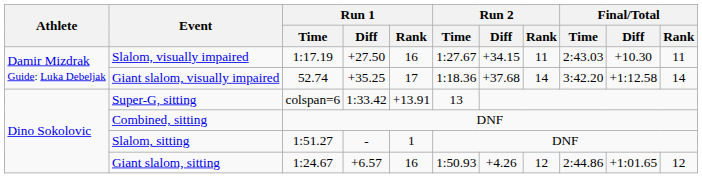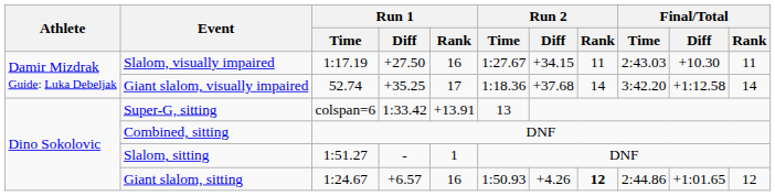 <table class="wikitable" style="font-size:100%">
 <tr>
 <th rowspan="2">Athlete</th>
 <th rowspan="2">Event</th>
 <th colspan="3">Run 1</th>
 <th colspan="3">Run 2</th>
 <th colspan="3">Final/Total</th>
 </tr>
 <tr>
 <th>Time</th>
 <th>Diff</th>
 <th>Rank</th>
 <th>Time</th>
 <th>Diff</th>
 <th>Rank</th>
 <th>Time</th>
 <th>Diff</th>
 <th>Rank</th>
 </tr>
 <tr>
 <td rowspan=2><a href='#'>Damir Mizdrak</a><br><small><a href='#'>Guide</a>: <a href='#'>Luka Debeljak</a></small></td>
 <td><a href='#'>Slalom, visually impaired</a></td>
 <td align="center">1:17.19</td>
 <td align="center">+27.50</td>
 <td align="center">16</td>
 <td align="center">1:27.67</td>
 <td align="center">+34.15</td>
 <td align="center">11</td>
 <td align="center">2:43.03</td>
 <td align="center">+10.30</td>
 <td align="center">11</td>
 </tr>
 <tr>
 <td><a href='#'>Giant slalom, visually impaired</a></td>
 <td align="center">52.74</td>
 <td align="center">+35.25</td>
 <td align="center">17</td>
 <td align="center">1:18.36</td>
 <td align="center">+37.68</td>
 <td align="center">14</td>
 <td align="center">3:42.20</td>
 <td align="center">+1:12.58</td>
 <td align="center">14</td>
 </tr>
 <tr>
 <td rowspan=4><a href='#'>Dino Sokolovic</a></td>
 <td><a href='#'>Super-G, sitting</a></td>
 <td>colspan=6 </td>
 <td align="center">1:33.42</td>
 <td align="center">+13.91</td>
 <td align="center">13</td>
 </tr>
 <tr>
 <td><a href='#'>Combined, sitting</a></td>
 <td align="center" colspan=9>DNF</td>
 </tr>
 <tr>
 <td><a href='#'>Slalom, sitting</a></td>
 <td align="center">1:51.27</td>
 <td align="center">-</td>
 <td align="center">1</td>
 <td align="center" colspan=6>DNF</td>
 </tr>
 <tr>
 <td><a href='#'>Giant slalom, sitting</a></td>
 <td align="center">1:24.67</td>
 <td align="center">+6.57</td>
 <td align="center">16</td>
 <td align="center">1:50.93</td>
 <td align="center">+4.26</td>
-<td align="center">12</td>
+<td align="center"><strong>12</strong></td>
 <td align="center">2:44.86</td>
 <td align="center">+1:01.65</td>
 <td align="center">12</td>
 </tr>
 </table>
